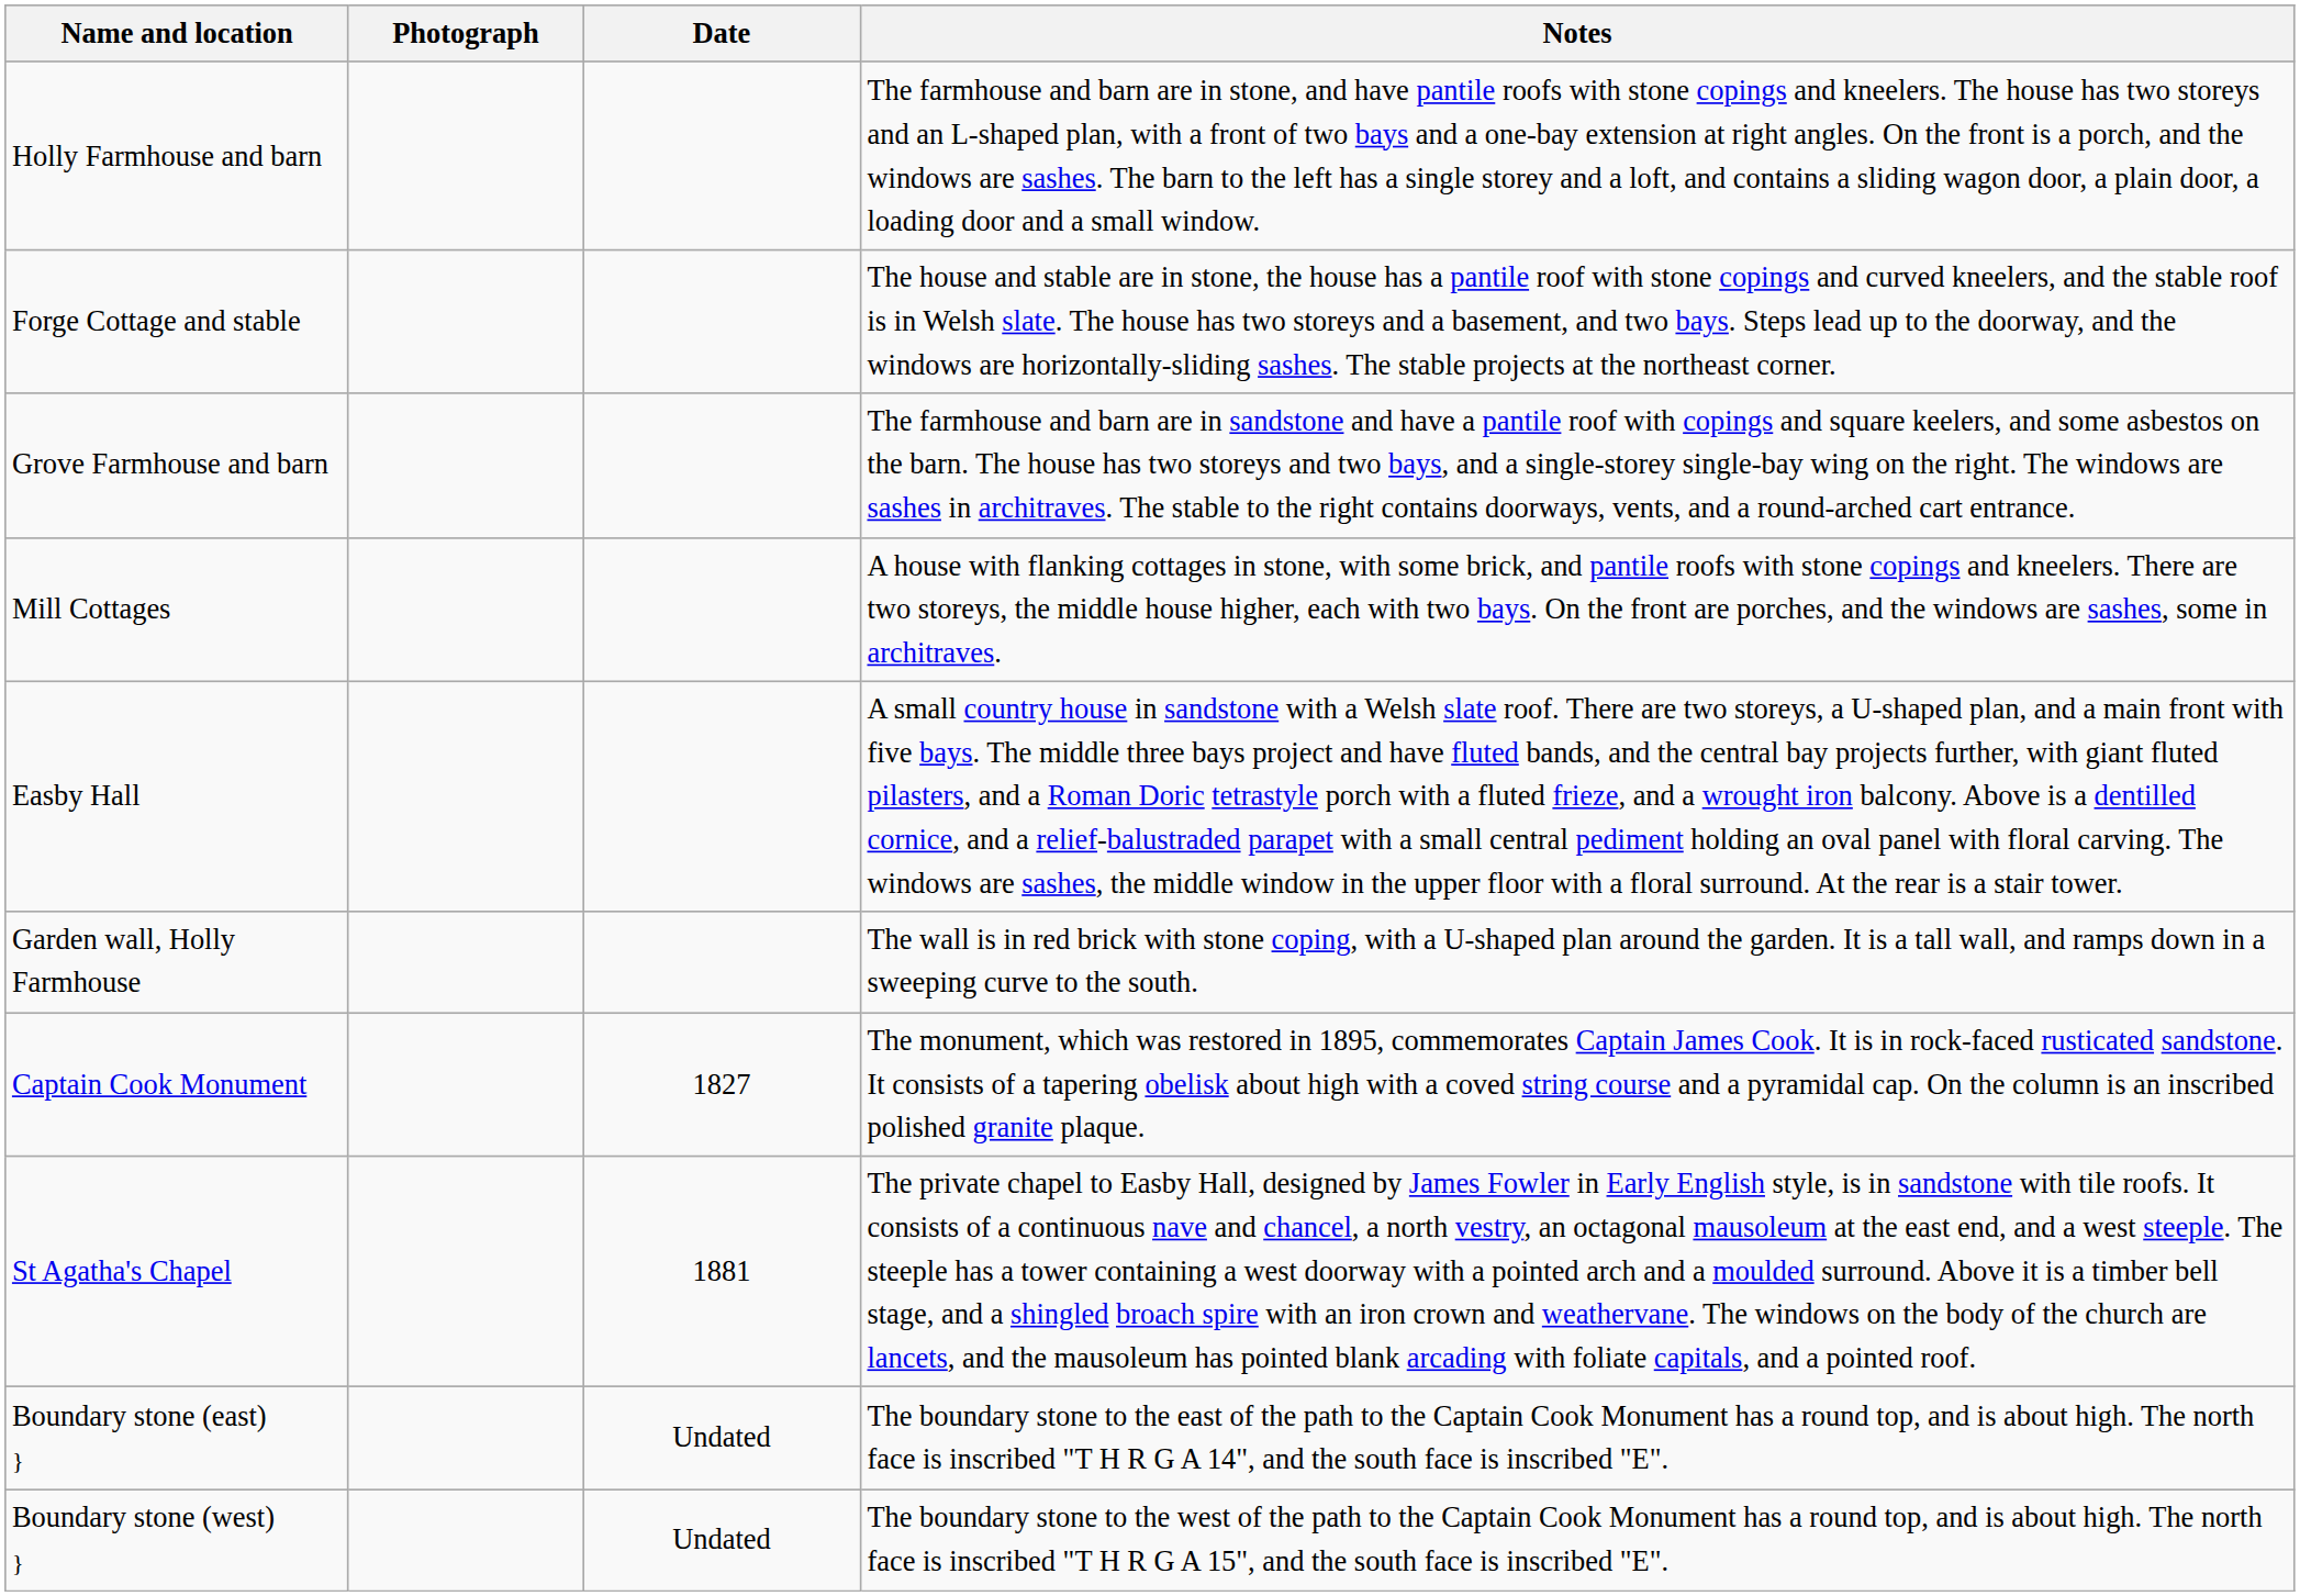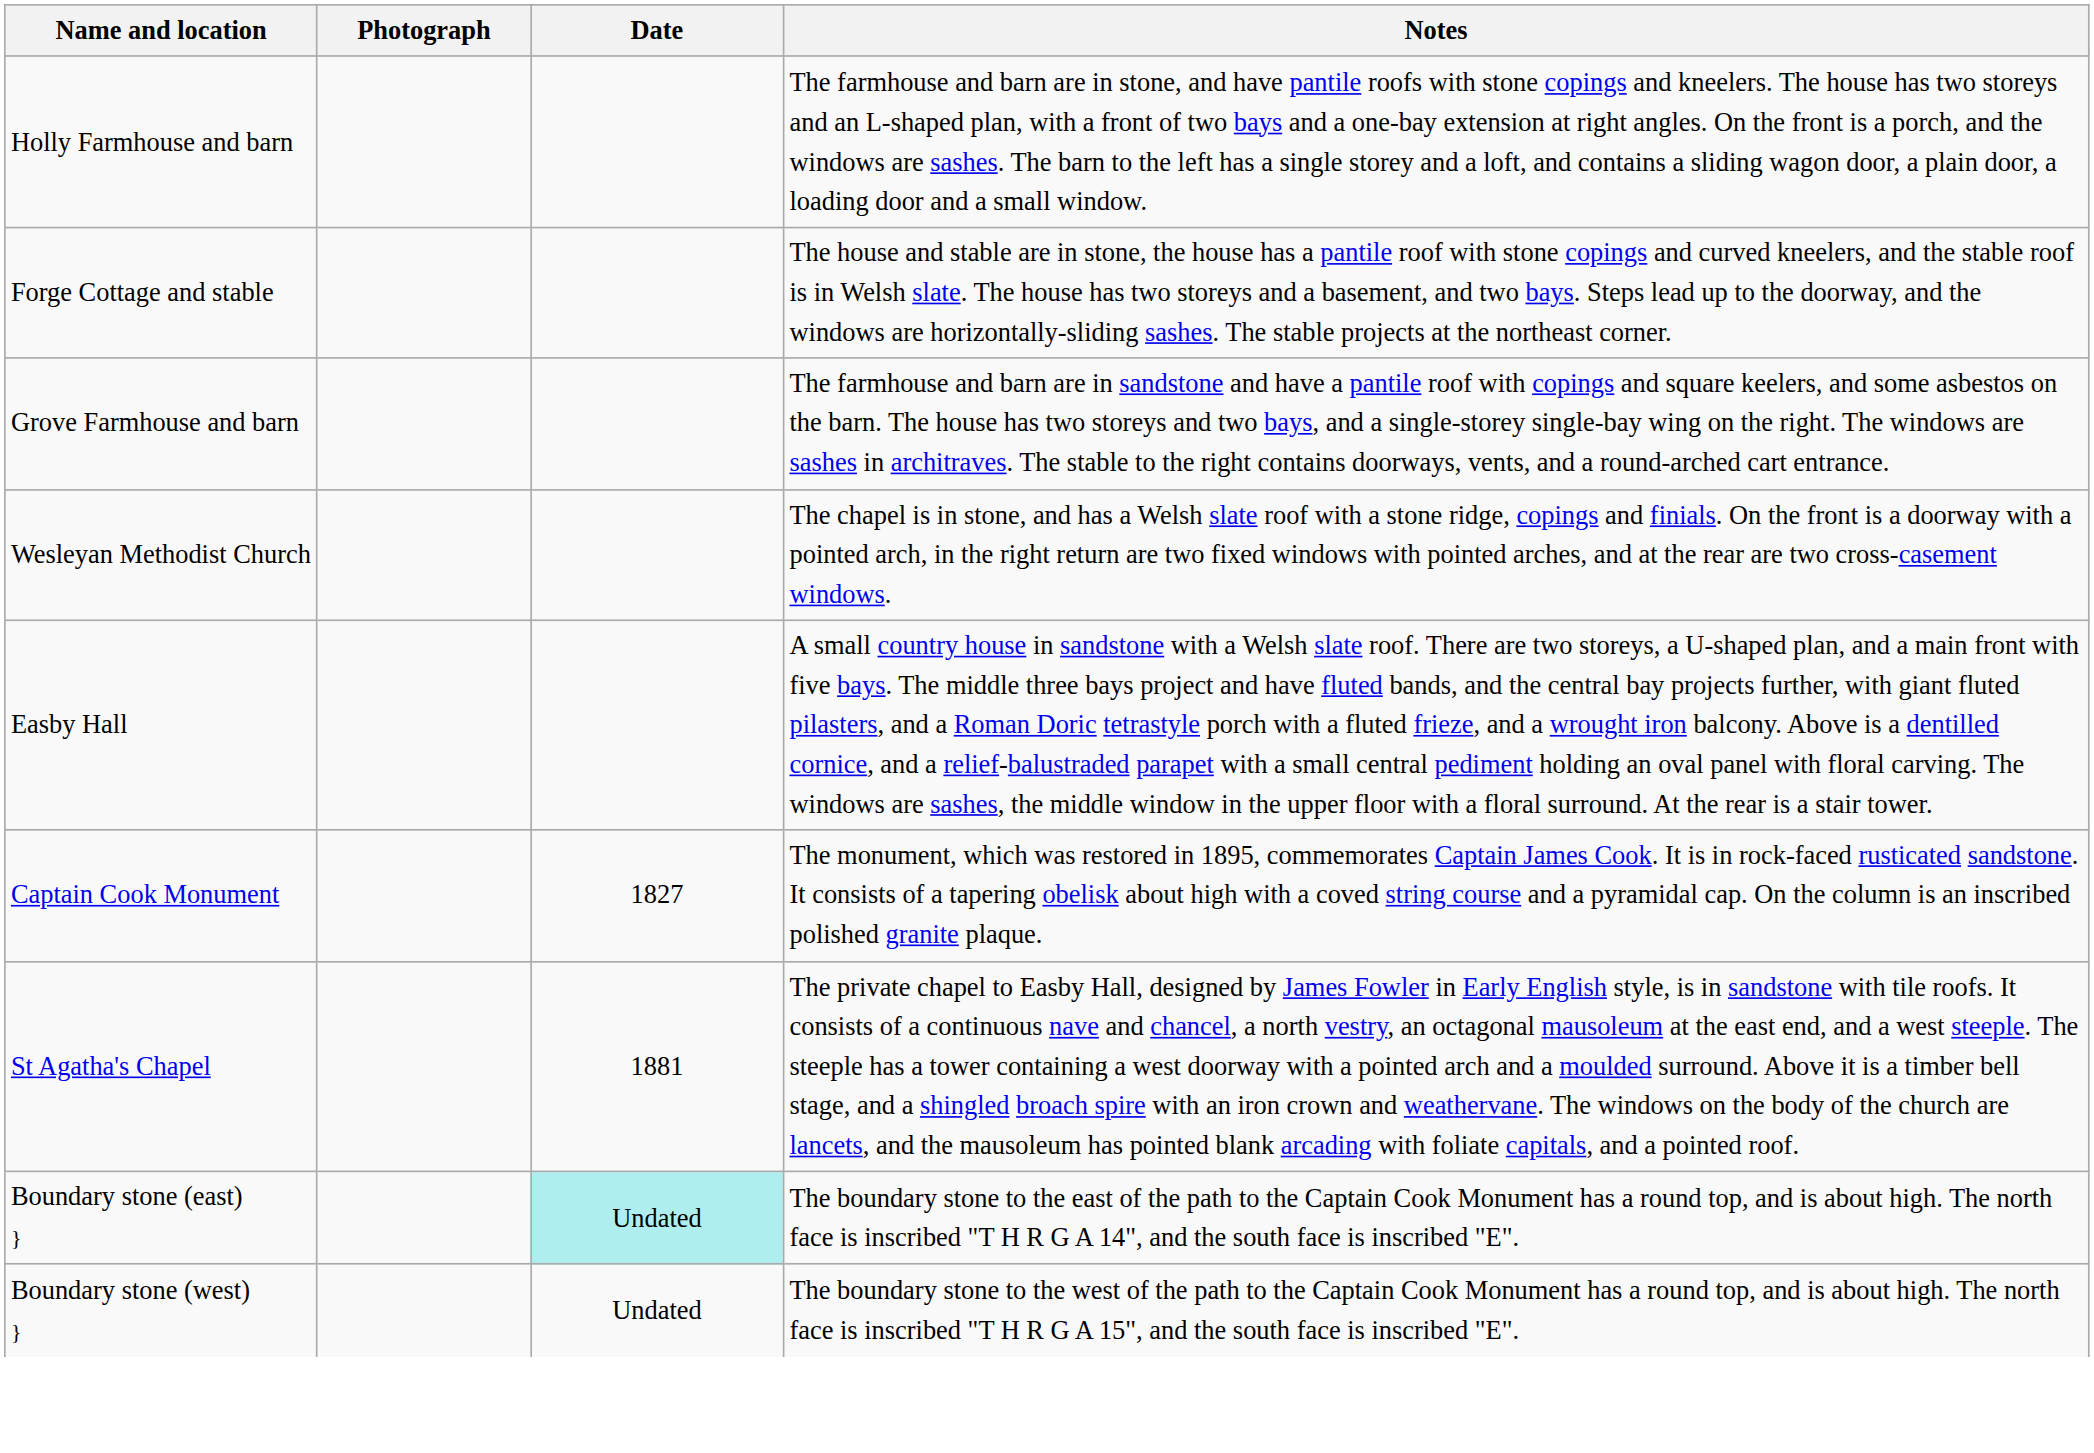 <table class="wikitable sortable plainrowheaders" style="width:100%;border:0px;text-align:left;line-height:150%;">
 <tr>
 <th scope="col"  style="width:150px">Name and location</th>
 <th scope="col"  style="width:100px" class="unsortable">Photograph</th>
 <th scope="col"  style="width:120px">Date</th>
 <th scope="col"  style="width:650px" class="unsortable">Notes</th>
 </tr>
 <tr>
 <td>Holly Farmhouse and barn<br><small></small></td>
 <td></td>
 <td align="center"></td>
 <td>The farmhouse and barn are in stone, and have <a href='#'>pantile</a> roofs with stone <a href='#'>copings</a> and kneelers.  The house has two storeys and an L-shaped plan, with a front of two <a href='#'>bays</a> and a one-bay extension at right angles.  On the front is a porch, and the windows are <a href='#'>sashes</a>.  The barn to the left has a single storey and a loft, and contains a sliding wagon door, a plain door, a loading door and a small window.</td>
 </tr>
 <tr>
 <td>Forge Cottage and stable<br><small></small></td>
 <td></td>
 <td align="center"></td>
 <td>The house and stable are in stone, the house has a <a href='#'>pantile</a> roof with stone <a href='#'>copings</a> and curved kneelers, and the stable roof is in Welsh <a href='#'>slate</a>.  The house has two storeys and a basement, and two <a href='#'>bays</a>.  Steps lead up to the doorway, and the windows are horizontally-sliding <a href='#'>sashes</a>.  The stable projects at the northeast corner.</td>
 </tr>
 <tr>
 <td>Grove Farmhouse and barn<br><small></small></td>
 <td></td>
 <td align="center"></td>
 <td>The farmhouse and barn are in <a href='#'>sandstone</a> and have a <a href='#'>pantile</a> roof with <a href='#'>copings</a> and square keelers, and some asbestos on the barn.  The house has two storeys and two <a href='#'>bays</a>, and a single-storey single-bay wing on the right.  The windows are <a href='#'>sashes</a> in <a href='#'>architraves</a>.  The stable to the right contains doorways, vents, and a round-arched cart entrance.</td>
 </tr>
 <tr>
-<td>Mill Cottages<br><small></small></td>
+<td>Wesleyan Methodist Church<br><small></small></td>
 <td></td>
 <td align="center"></td>
-<td>A house with flanking cottages in stone, with some brick, and <a href='#'>pantile</a> roofs with stone <a href='#'>copings</a> and kneelers.  There are two storeys, the middle house higher, each with two <a href='#'>bays</a>.  On the front are porches, and the windows are <a href='#'>sashes</a>, some in <a href='#'>architraves</a>.</td>
+<td>The chapel is in stone, and has a Welsh <a href='#'>slate</a> roof with a stone ridge, <a href='#'>copings</a> and <a href='#'>finials</a>.  On the front is a doorway with a pointed arch, in the right return are two fixed windows with pointed arches, and at the rear are two cross-<a href='#'>casement windows</a>.</td>
 </tr>
 <tr>
 <td>Easby Hall<br><small></small></td>
 <td></td>
 <td align="center"></td>
 <td>A small <a href='#'>country house</a> in <a href='#'>sandstone</a> with a Welsh <a href='#'>slate</a> roof. There are two storeys, a U-shaped plan, and a main front with five <a href='#'>bays</a>.  The middle three bays project and have <a href='#'>fluted</a> bands, and the central bay projects further, with giant fluted <a href='#'>pilasters</a>, and a <a href='#'>Roman Doric</a> <a href='#'>tetrastyle</a> porch with a fluted <a href='#'>frieze</a>, and a <a href='#'>wrought iron</a> balcony.  Above is a <a href='#'>dentilled</a> <a href='#'>cornice</a>, and a <a href='#'>relief</a>-<a href='#'>balustraded</a> <a href='#'>parapet</a> with a small central <a href='#'>pediment</a> holding an oval panel with floral carving.  The windows are <a href='#'>sashes</a>, the middle window in the upper floor with a floral surround.  At the rear is a stair tower.</td>
-</tr>
-<tr>
-<td>Garden wall, Holly Farmhouse<br><small></small></td>
-<td></td>
-<td align="center"></td>
-<td>The wall is in red brick with stone <a href='#'>coping</a>, with a U-shaped plan around the garden.  It is a tall wall, and ramps down in a sweeping curve to the south.</td>
 </tr>
 <tr>
 <td><a href='#'>Captain Cook Monument</a><br><small></small></td>
 <td></td>
 <td align="center">1827</td>
 <td>The monument, which was restored in 1895, commemorates <a href='#'>Captain James Cook</a>.  It is in rock-faced <a href='#'>rusticated</a> <a href='#'>sandstone</a>.  It consists of a tapering <a href='#'>obelisk</a> about  high with a coved <a href='#'>string course</a> and a pyramidal cap.  On the column is an inscribed polished <a href='#'>granite</a> plaque.</td>
 </tr>
 <tr>
 <td><a href='#'>St Agatha's Chapel</a><br><small></small></td>
 <td></td>
 <td align="center">1881</td>
 <td>The private chapel to Easby Hall, designed by <a href='#'>James Fowler</a> in <a href='#'>Early English</a> style, is in <a href='#'>sandstone</a> with tile roofs.  It consists of a continuous <a href='#'>nave</a> and <a href='#'>chancel</a>, a north <a href='#'>vestry</a>, an octagonal <a href='#'>mausoleum</a> at the east end, and a west <a href='#'>steeple</a>.  The steeple has a tower containing a west doorway with a pointed arch and a <a href='#'>moulded</a> surround.  Above it is a timber bell stage, and a <a href='#'>shingled</a> <a href='#'>broach spire</a> with an iron crown and <a href='#'>weathervane</a>.  The windows on the body of the church are <a href='#'>lancets</a>, and the mausoleum has pointed blank <a href='#'>arcading</a> with foliate <a href='#'>capitals</a>, and a pointed roof.</td>
 </tr>
 <tr>
 <td>Boundary stone (east)<br><small>}</small></td>
 <td></td>
-<td align="center">Undated</td>
+<td align="center" style="background: paleturquoise;">Undated</td>
 <td>The boundary stone to the east of the path to the Captain Cook Monument has a round top, and is about  high.  The north face is inscribed "T H R G A 14", and the south face is inscribed "E".</td>
 </tr>
 <tr>
 <td>Boundary stone (west)<br><small>}</small></td>
 <td></td>
 <td align="center">Undated</td>
 <td>The boundary stone to the west of the path to the Captain Cook Monument has a round top, and is about  high.  The north face is inscribed "T H R G A 15", and the south face is inscribed "E".</td>
 </tr>
 <tr>
 </tr>
 </table>
